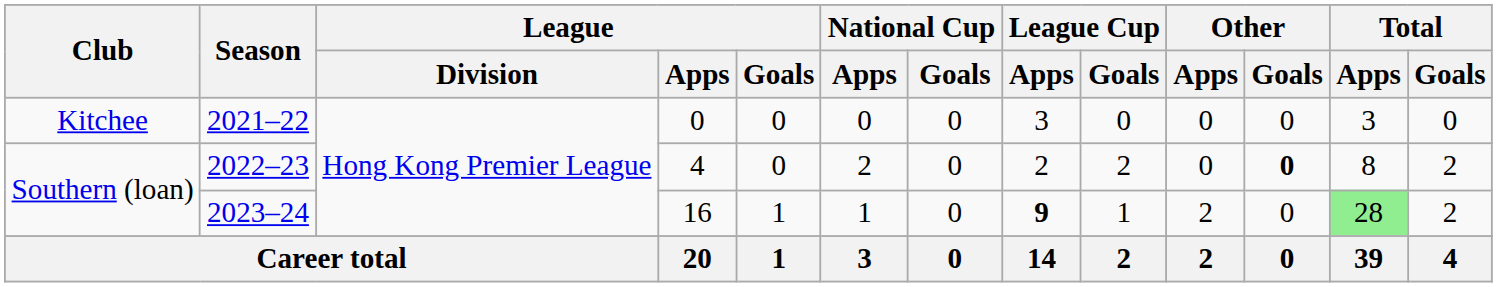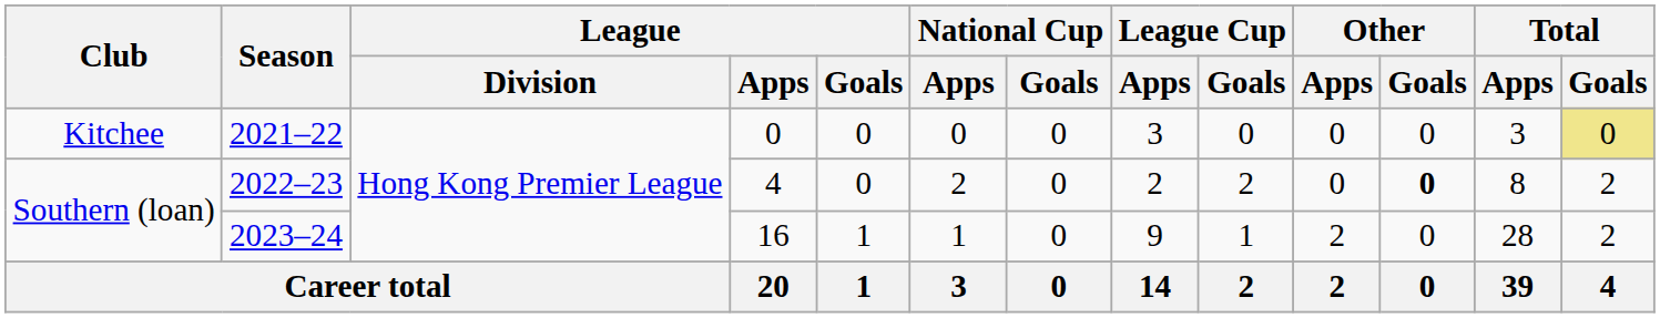 <table class="wikitable" style="text-align: center">
 <tr>
 <th rowspan="2">Club</th>
 <th rowspan="2">Season</th>
 <th colspan="3">League</th>
 <th colspan="2">National Cup</th>
 <th colspan="2">League Cup</th>
 <th colspan="2">Other</th>
 <th colspan="2">Total</th>
 </tr>
 <tr>
 <th>Division</th>
 <th>Apps</th>
 <th>Goals</th>
 <th>Apps</th>
 <th>Goals</th>
 <th>Apps</th>
 <th>Goals</th>
 <th>Apps</th>
 <th>Goals</th>
 <th>Apps</th>
 <th>Goals</th>
 </tr>
 <tr>
 <td><a href='#'>Kitchee</a></td>
 <td><a href='#'>2021–22</a></td>
 <td rowspan=3><a href='#'>Hong Kong Premier League</a></td>
 <td>0</td>
 <td>0</td>
 <td>0</td>
 <td>0</td>
 <td>3</td>
 <td>0</td>
 <td>0</td>
 <td>0</td>
 <td>3</td>
-<td>0</td>
+<td style="background: khaki;">0</td>
 </tr>
 <tr>
 <td rowspan=2><a href='#'>Southern</a> (loan)</td>
 <td><a href='#'>2022–23</a></td>
 <td>4</td>
 <td>0</td>
 <td>2</td>
 <td>0</td>
 <td>2</td>
 <td>2</td>
 <td>0</td>
 <td><strong>0</strong></td>
 <td>8</td>
 <td>2</td>
 </tr>
 <tr>
 <td><a href='#'>2023–24</a></td>
 <td>16</td>
 <td>1</td>
 <td>1</td>
 <td>0</td>
-<td><strong>9</strong></td>
+<td>9</td>
 <td>1</td>
 <td>2</td>
 <td>0</td>
-<td style="background: lightgreen;">28</td>
+<td>28</td>
 <td>2</td>
 </tr>
 <tr>
 <th colspan=3>Career total</th>
 <th>20</th>
 <th>1</th>
 <th>3</th>
 <th>0</th>
 <th>14</th>
 <th>2</th>
 <th>2</th>
 <th>0</th>
 <th>39</th>
 <th>4</th>
 </tr>
 </table>
